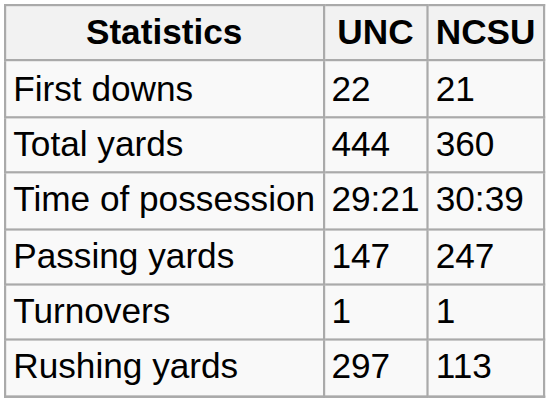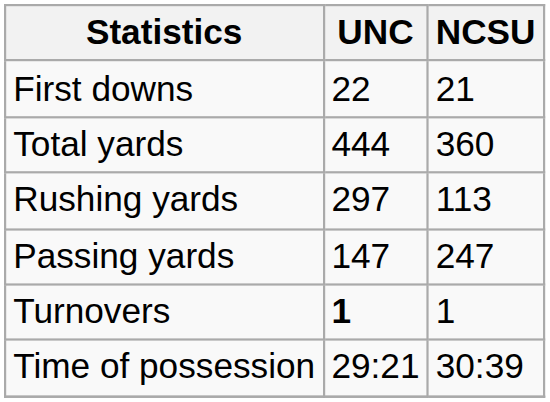 <table class="wikitable">
 <tr>
 <th>Statistics</th>
 <th>UNC</th>
 <th>NCSU</th>
 </tr>
 <tr>
 <td>First downs</td>
 <td>22</td>
 <td>21</td>
 </tr>
 <tr>
 <td>Total yards</td>
 <td>444</td>
 <td>360</td>
 </tr>
 <tr>
-<td>Time of possession</td>
-<td>29:21</td>
-<td>30:39</td>
+<td>Rushing yards</td>
+<td>297</td>
+<td>113</td>
 </tr>
 <tr>
 <td>Passing yards</td>
 <td>147</td>
 <td>247</td>
 </tr>
 <tr>
 <td>Turnovers</td>
-<td>1</td>
+<td><strong>1</strong></td>
 <td>1</td>
 </tr>
 <tr>
-<td>Rushing yards</td>
-<td>297</td>
-<td>113</td>
+<td>Time of possession</td>
+<td>29:21</td>
+<td>30:39</td>
 </tr>
 <tr>
 </tr>
 </table>
